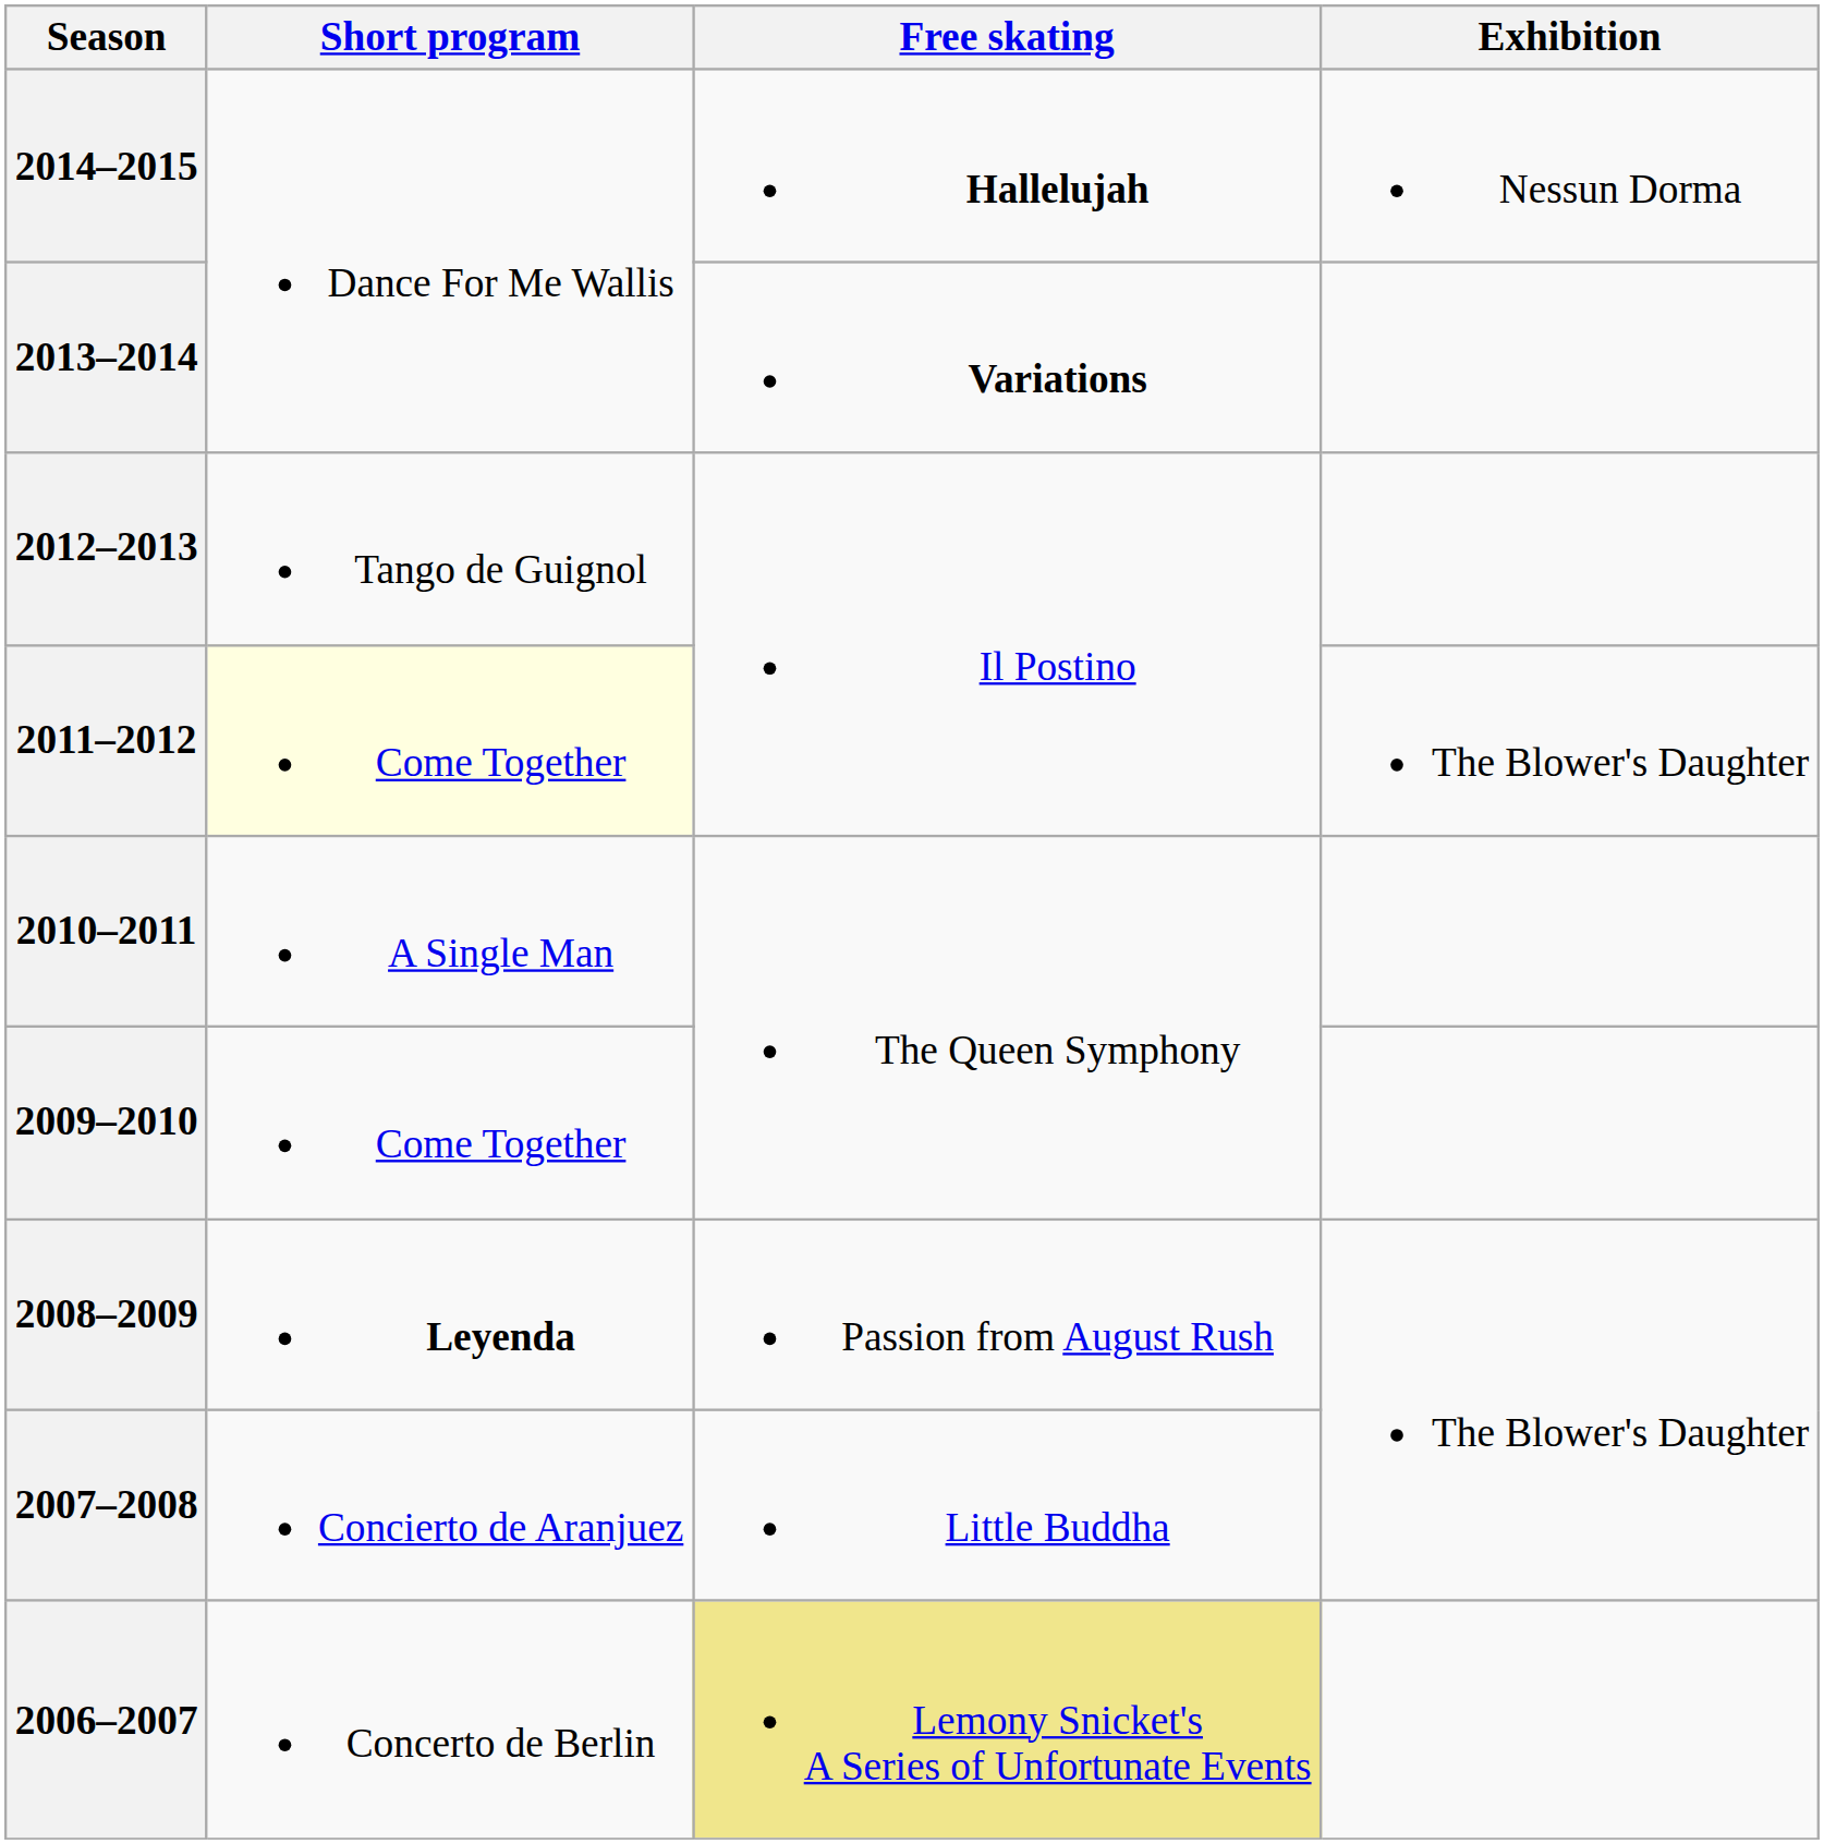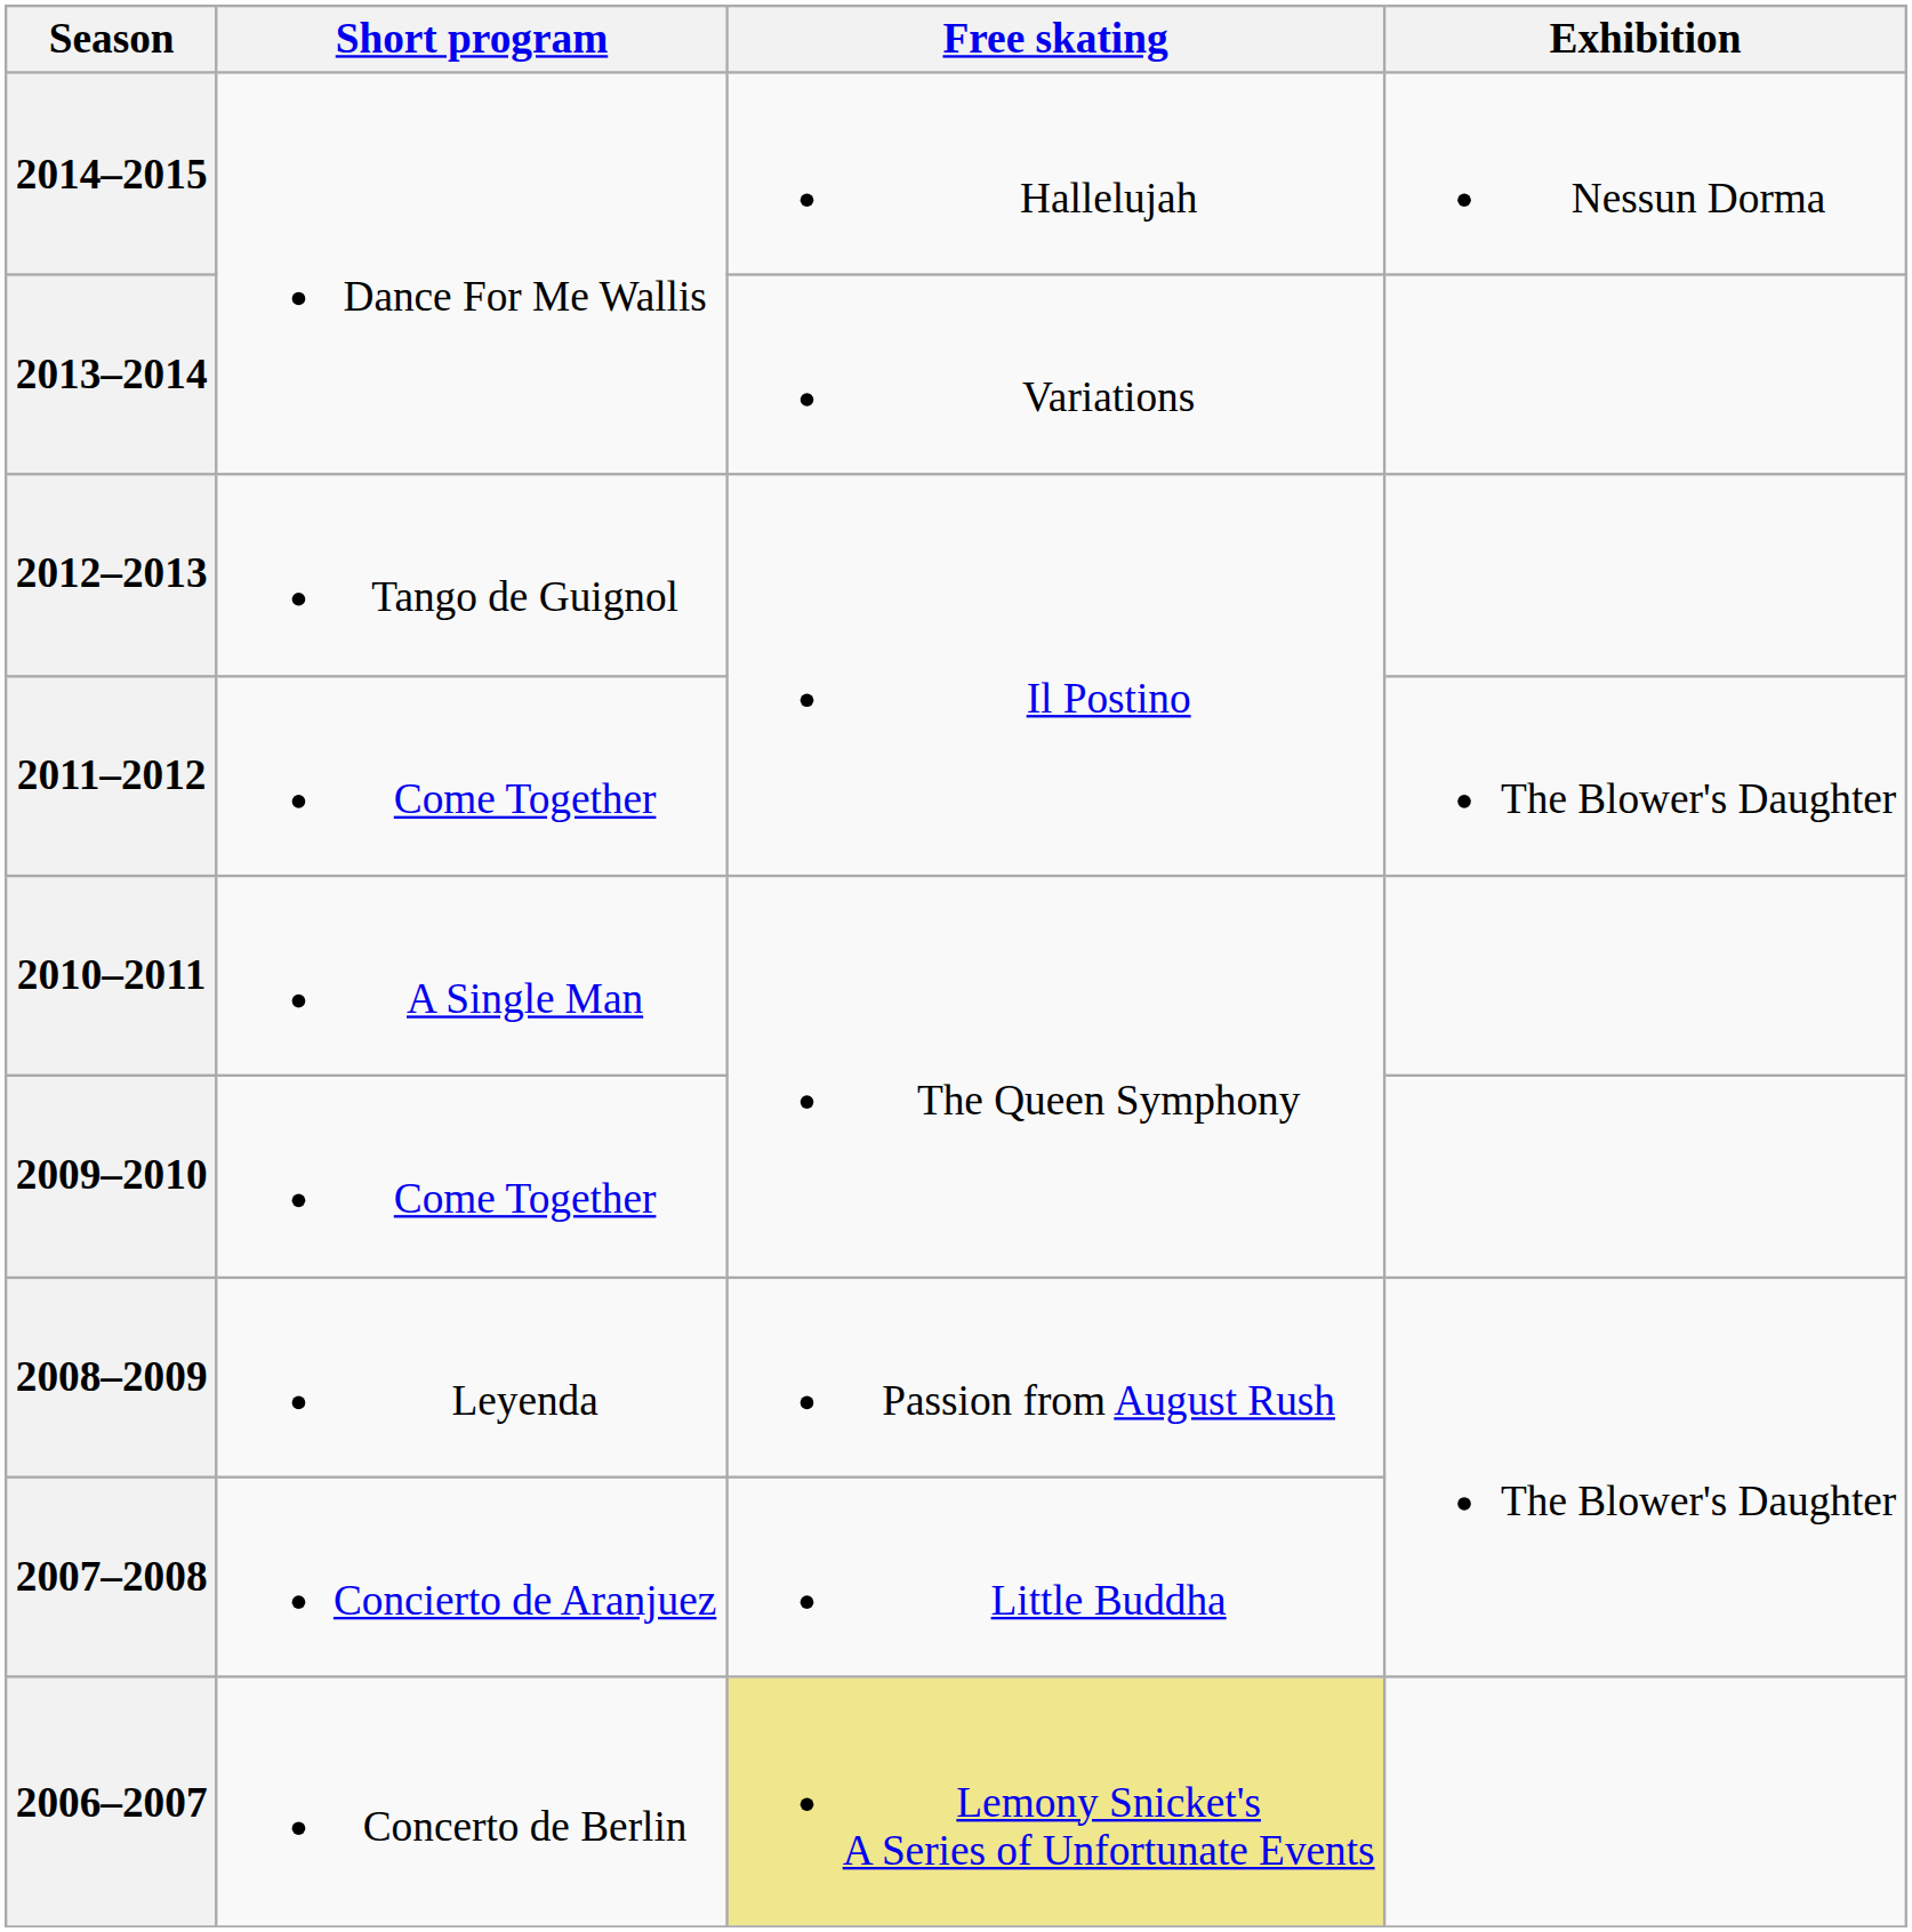 <table class="wikitable" style="text-align:center">
 <tr>
 <th>Season</th>
 <th><a href='#'>Short program</a></th>
 <th><a href='#'>Free skating</a></th>
 <th>Exhibition</th>
 </tr>
 <tr>
 <th>2014–2015 <br> </th>
 <td rowspan=2><br><ul><li>Dance For Me Wallis <br></li></ul></td>
-<td><strong><br><ul><li>Hallelujah <br></li></ul></strong></td>
+<td><br><ul><li>Hallelujah <br></li></ul></td>
 <td><br><ul><li>Nessun Dorma <br></li></ul></td>
 </tr>
 <tr>
 <th>2013–2014 <br> </th>
-<td><strong><br><ul><li>Variations <br></li></ul></strong></td>
+<td><br><ul><li>Variations <br></li></ul></td>
 <td></td>
 </tr>
 <tr>
 <th>2012–2013 <br> </th>
 <td><br><ul><li>Tango de Guignol <br></li></ul></td>
 <td rowspan=2><br><ul><li><a href='#'>Il Postino</a> <br></li></ul></td>
 <td></td>
 </tr>
 <tr>
 <th>2011–2012 <br> </th>
-<td style="background: lightyellow;"><br><ul><li><a href='#'>Come Together</a> <br></li></ul></td>
+<td><br><ul><li><a href='#'>Come Together</a> <br></li></ul></td>
 <td><br><ul><li>The Blower's Daughter <br></li></ul></td>
 </tr>
 <tr>
 <th>2010–2011 <br> </th>
 <td><br><ul><li><a href='#'>A Single Man</a></li></ul></td>
 <td rowspan=2><br><ul><li>The Queen Symphony</li></ul></td>
 <td></td>
 </tr>
 <tr>
 <th>2009–2010</th>
 <td><br><ul><li><a href='#'>Come Together</a> <br></li></ul></td>
 <td></td>
 </tr>
 <tr>
 <th>2008–2009 <br> </th>
-<td><strong><br><ul><li>Leyenda <br></li></ul></strong></td>
+<td><br><ul><li>Leyenda <br></li></ul></td>
 <td><br><ul><li>Passion from <a href='#'>August Rush</a></li></ul></td>
 <td rowspan=2><br><ul><li>The Blower's Daughter <br></li></ul></td>
 </tr>
 <tr>
 <th>2007–2008 <br> </th>
 <td><br><ul><li><a href='#'>Concierto de Aranjuez</a></li></ul></td>
 <td><br><ul><li><a href='#'>Little Buddha</a></li></ul></td>
 </tr>
 <tr>
 <th>2006–2007 <br> </th>
 <td><br><ul><li>Concerto de Berlin <br></li></ul></td>
 <td style="background: khaki;"><br><ul><li><a href='#'>Lemony Snicket's <br>A Series of Unfortunate Events</a> <br></li></ul></td>
 <td></td>
 </tr>
 </table>
